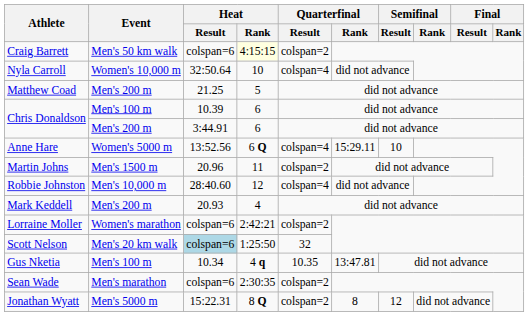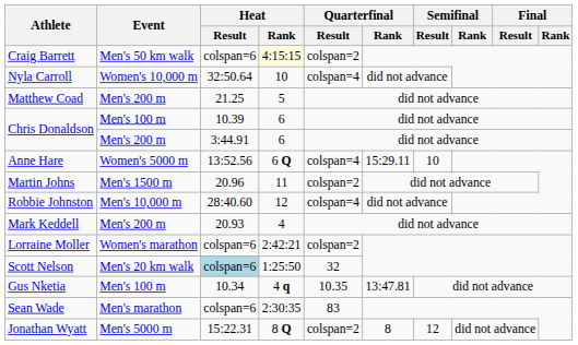 <table class="wikitable" style="font-size:90%">
 <tr>
 <th rowspan=2>Athlete</th>
 <th rowspan=2>Event</th>
 <th colspan=2>Heat</th>
 <th colspan=2>Quarterfinal</th>
 <th colspan=2>Semifinal</th>
 <th colspan=2>Final</th>
 </tr>
 <tr style="font-size:95%">
 <th>Result</th>
 <th>Rank</th>
 <th>Result</th>
 <th>Rank</th>
 <th>Result</th>
 <th>Rank</th>
 <th>Result</th>
 <th>Rank</th>
 </tr>
 <tr align=center>
 <td align=left><a href='#'>Craig Barrett</a></td>
 <td align=left><a href='#'>Men's 50 km walk</a></td>
 <td>colspan=6 </td>
 <td style="background: lightyellow;">4:15:15</td>
 <td>colspan=2 </td>
 </tr>
 <tr align=center>
 <td align=left><a href='#'>Nyla Carroll</a></td>
 <td align=left><a href='#'>Women's 10,000 m</a></td>
 <td>32:50.64</td>
 <td>10</td>
 <td>colspan=4 </td>
 <td colspan=2>did not advance</td>
 </tr>
 <tr align=center>
 <td align=left><a href='#'>Matthew Coad</a></td>
 <td align=left><a href='#'>Men's 200 m</a></td>
 <td>21.25</td>
 <td>5</td>
 <td colspan=6>did not advance</td>
 </tr>
 <tr align=center>
 <td align=left rowspan=2><a href='#'>Chris Donaldson</a></td>
 <td align=left><a href='#'>Men's 100 m</a></td>
 <td>10.39</td>
 <td>6</td>
 <td colspan=6>did not advance</td>
 </tr>
 <tr align=center>
 <td align=left><a href='#'>Men's 200 m</a></td>
 <td>3:44.91</td>
 <td>6</td>
 <td colspan=6>did not advance</td>
 </tr>
 <tr align=center>
 <td align=left><a href='#'>Anne Hare</a></td>
 <td align=left><a href='#'>Women's 5000 m</a></td>
 <td>13:52.56</td>
 <td>6 <strong>Q</strong></td>
 <td>colspan=4 </td>
 <td>15:29.11</td>
 <td>10</td>
 </tr>
 <tr align=center>
 <td align=left><a href='#'>Martin Johns</a></td>
 <td align=left><a href='#'>Men's 1500 m</a></td>
 <td>20.96</td>
 <td>11</td>
 <td>colspan=2 </td>
 <td colspan=4>did not advance</td>
 </tr>
 <tr align=center>
 <td align=left><a href='#'>Robbie Johnston</a></td>
 <td align=left><a href='#'>Men's 10,000 m</a></td>
 <td>28:40.60</td>
 <td>12</td>
 <td>colspan=4 </td>
 <td colspan=2>did not advance</td>
 </tr>
 <tr align=center>
 <td align=left><a href='#'>Mark Keddell</a></td>
 <td align=left><a href='#'>Men's 200 m</a></td>
 <td>20.93</td>
 <td>4</td>
 <td colspan=6>did not advance</td>
 </tr>
 <tr align=center>
 <td align=left><a href='#'>Lorraine Moller</a></td>
 <td align=left><a href='#'>Women's marathon</a></td>
 <td>colspan=6 </td>
 <td>2:42:21</td>
 <td>colspan=2 </td>
 </tr>
 <tr align=center>
 <td align=left><a href='#'>Scott Nelson</a></td>
 <td align=left><a href='#'>Men's 20 km walk</a></td>
 <td style="background: lightblue;">colspan=6 </td>
 <td>1:25:50</td>
 <td>32</td>
 </tr>
 <tr align=center>
 <td align=left><a href='#'>Gus Nketia</a></td>
 <td align=left><a href='#'>Men's 100 m</a></td>
 <td>10.34</td>
 <td>4 <strong>q</strong></td>
 <td>10.35</td>
 <td>13:47.81</td>
 <td colspan=4>did not advance</td>
 </tr>
 <tr align=center>
 <td align=left><a href='#'>Sean Wade</a></td>
 <td align=left><a href='#'>Men's marathon</a></td>
 <td>colspan=6 </td>
 <td>2:30:35</td>
-<td>colspan=2 </td>
+<td>83</td>
 </tr>
 <tr align=center>
 <td align=left><a href='#'>Jonathan Wyatt</a></td>
 <td align=left><a href='#'>Men's 5000 m</a></td>
 <td>15:22.31</td>
 <td>8 <strong>Q</strong></td>
 <td>colspan=2 </td>
 <td>8</td>
 <td>12</td>
 <td colspan=2>did not advance</td>
 </tr>
 </table>
